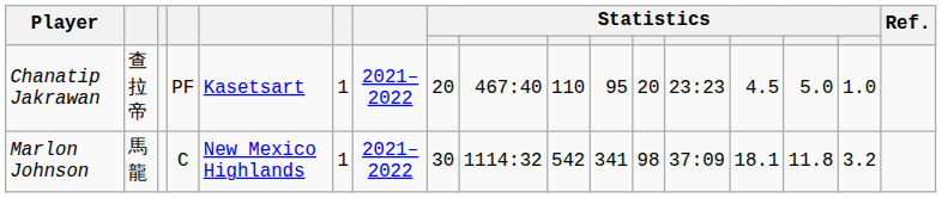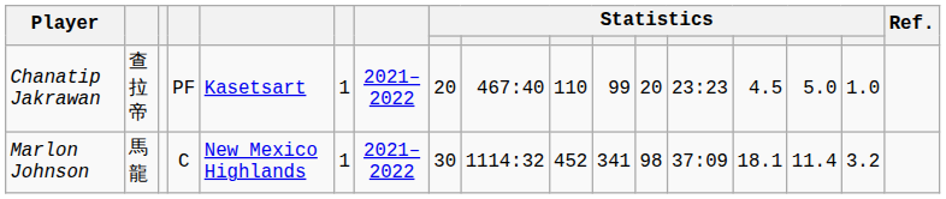 <table class="wikitable sortable" style="font-size:95%; text-align:right;">
 <tr>
 <th rowspan="2">Player</th>
 <th rowspan="2"></th>
 <th rowspan="2"></th>
 <th rowspan="2"></th>
 <th rowspan="2"></th>
 <th rowspan="2"></th>
 <th rowspan="2"></th>
 <th colspan="9">Statistics</th>
 <th rowspan="2">Ref.</th>
 </tr>
 <tr>
 <th></th>
 <th></th>
 <th></th>
 <th></th>
 <th></th>
 <th></th>
 <th></th>
 <th></th>
 <th></th>
 </tr>
 <tr>
 <td align="left"><em>Chanatip Jakrawan</em></td>
 <td align="left">查拉帝</td>
 <td align="center"></td>
 <td align="center">PF</td>
 <td align="left"><a href='#'>Kasetsart</a></td>
 <td align="center">1</td>
 <td align="center"><a href='#'>2021–2022</a></td>
 <td>20</td>
 <td>467:40</td>
 <td>110</td>
-<td>95</td>
+<td>99</td>
 <td>20</td>
 <td>23:23</td>
 <td>4.5</td>
 <td>5.0</td>
 <td>1.0</td>
 <td align="center"></td>
 </tr>
 <tr>
 <td align="left"><em>Marlon Johnson</em></td>
 <td align="left">馬龍</td>
 <td align="center"></td>
 <td align="center">C</td>
 <td align="left"><a href='#'>New Mexico Highlands</a></td>
 <td align="center">1</td>
 <td align="center"><a href='#'>2021–2022</a></td>
 <td>30</td>
 <td>1114:32</td>
-<td>542</td>
+<td>452</td>
 <td>341</td>
 <td>98</td>
 <td>37:09</td>
 <td>18.1</td>
-<td>11.8</td>
+<td>11.4</td>
 <td>3.2</td>
 <td align="center"></td>
 </tr>
 </table>
